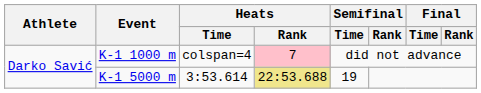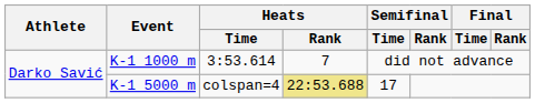 <table class="wikitable" style="text-align:center; font-size:90%">
 <tr>
 <th rowspan=2>Athlete</th>
 <th rowspan=2>Event</th>
 <th colspan=2>Heats</th>
 <th colspan=2>Semifinal</th>
 <th colspan=2>Final</th>
 </tr>
 <tr style="font-size:95%">
 <th>Time</th>
 <th>Rank</th>
 <th>Time</th>
 <th>Rank</th>
 <th>Time</th>
 <th>Rank</th>
 </tr>
 <tr>
 <td rowspan=2 align=left><a href='#'>Darko Savić</a></td>
 <td align=left><a href='#'>K-1 1000 m</a></td>
-<td>colspan=4 </td>
-<td style="background: pink;">7</td>
+<td>3:53.614</td>
+<td>7</td>
 <td colspan=4>did not advance</td>
 </tr>
 <tr>
 <td align=left><a href='#'>K-1 5000 m</a></td>
-<td>3:53.614</td>
+<td>colspan=4 </td>
 <td style="background: khaki;">22:53.688</td>
-<td>19</td>
+<td>17</td>
 </tr>
 </table>
